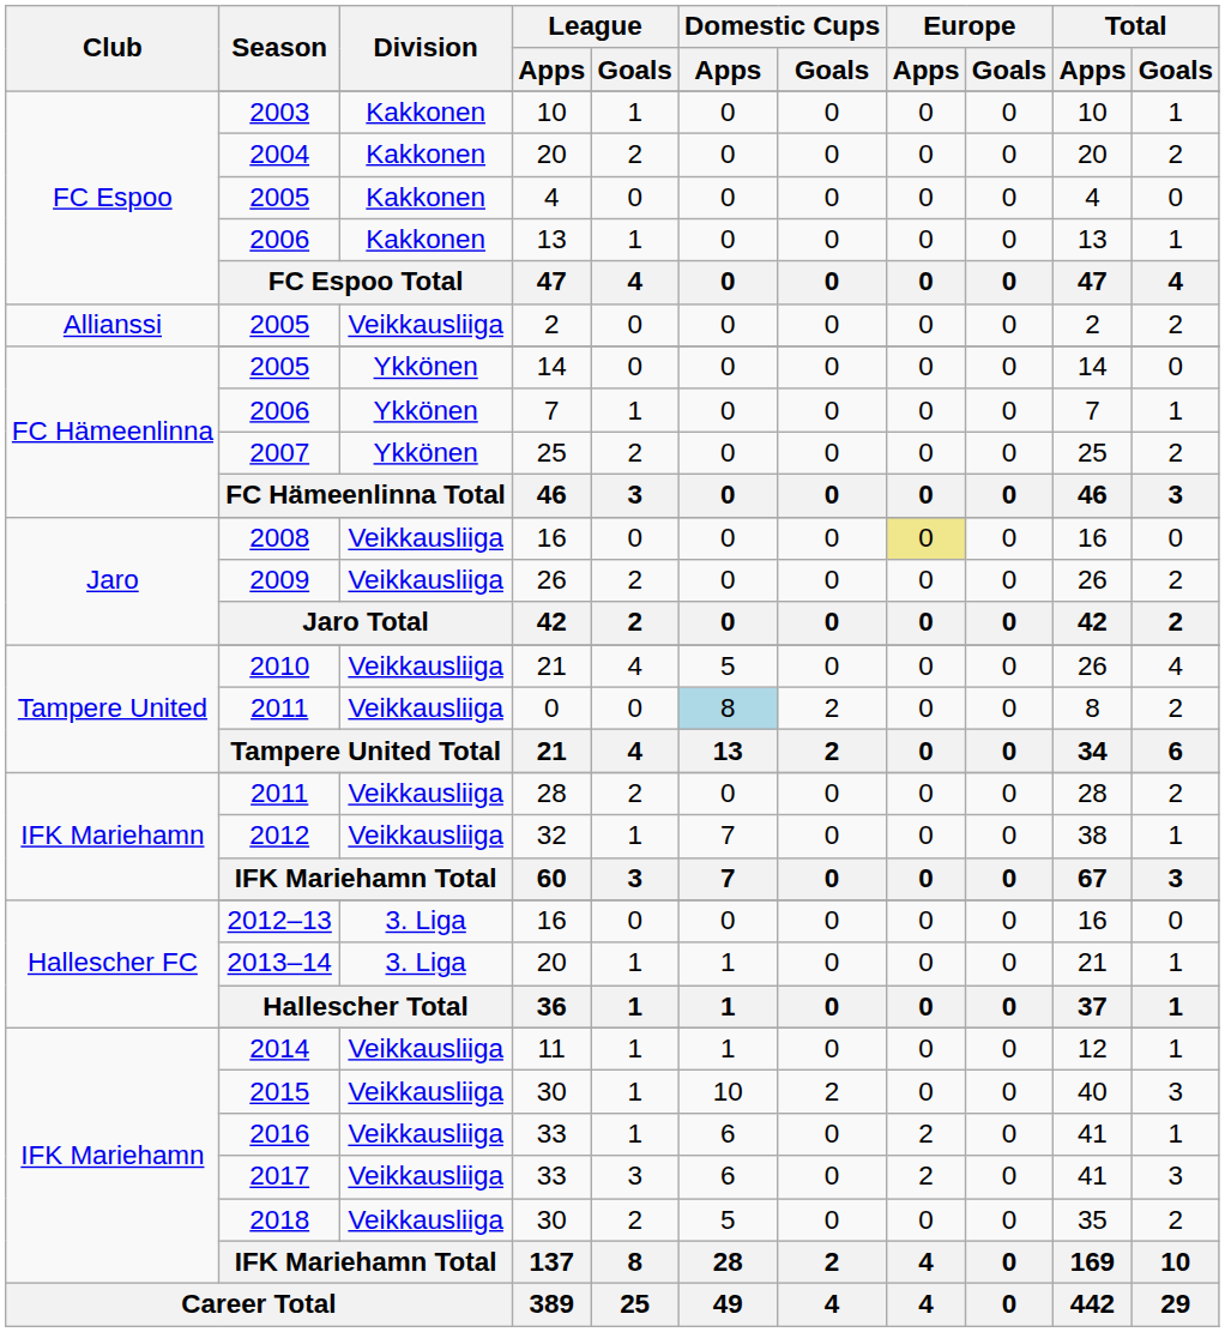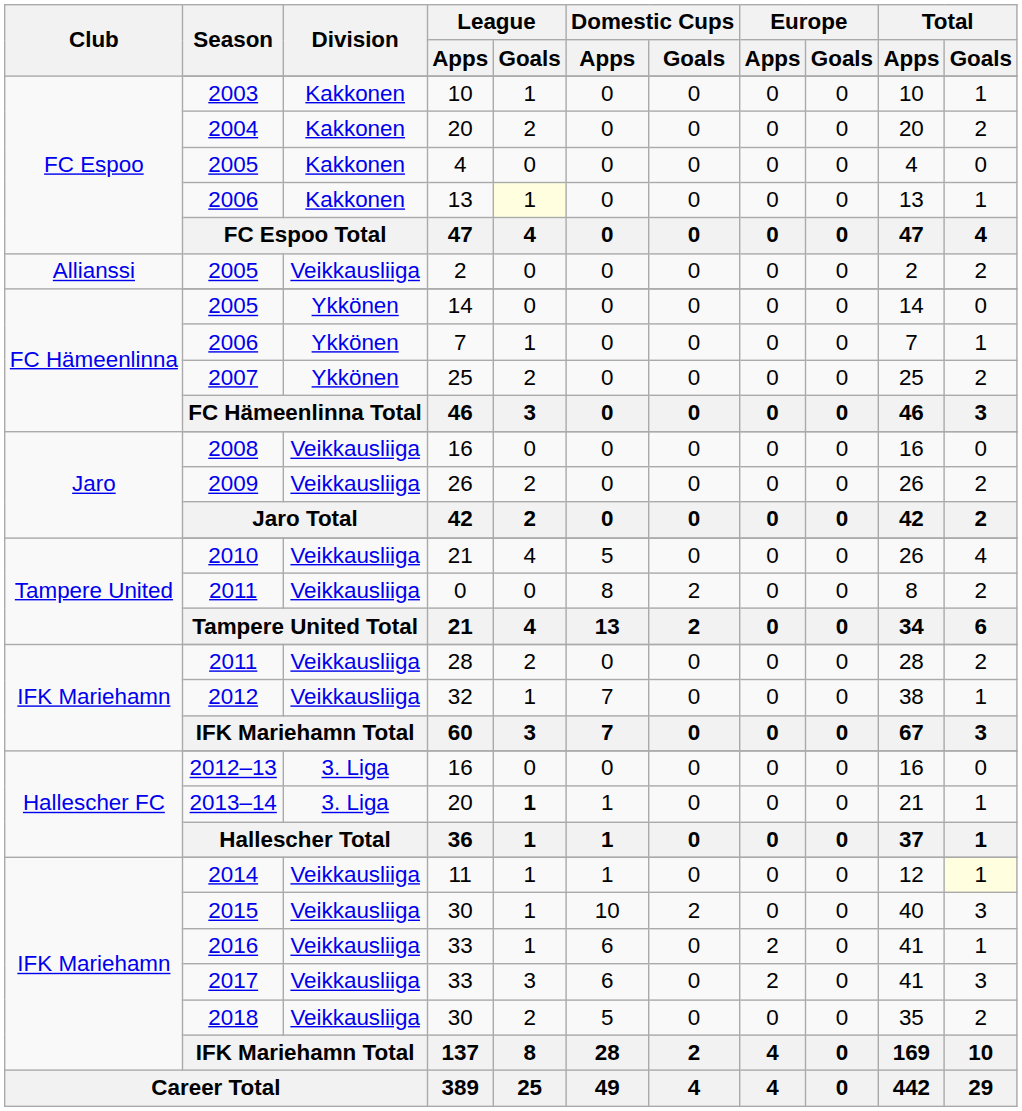 <table class="wikitable" style="text-align:center">
 <tr>
 <th rowspan="2">Club</th>
 <th rowspan="2">Season</th>
 <th rowspan="2">Division</th>
 <th colspan="2">League</th>
 <th colspan="2">Domestic Cups</th>
 <th colspan="2">Europe</th>
 <th colspan="2">Total</th>
 </tr>
 <tr>
 <th>Apps</th>
 <th>Goals</th>
 <th>Apps</th>
 <th>Goals</th>
 <th>Apps</th>
 <th>Goals</th>
 <th>Apps</th>
 <th>Goals</th>
 </tr>
 <tr>
 <td rowspan="6" valign="center"><a href='#'>FC Espoo</a></td>
 </tr>
 <tr>
 <td><a href='#'>2003</a></td>
 <td><a href='#'>Kakkonen</a></td>
 <td>10</td>
 <td>1</td>
 <td>0</td>
 <td>0</td>
 <td>0</td>
 <td>0</td>
 <td>10</td>
 <td>1</td>
 </tr>
 <tr>
 <td><a href='#'>2004</a></td>
 <td><a href='#'>Kakkonen</a></td>
 <td>20</td>
 <td>2</td>
 <td>0</td>
 <td>0</td>
 <td>0</td>
 <td>0</td>
 <td>20</td>
 <td>2</td>
 </tr>
 <tr>
 <td><a href='#'>2005</a></td>
 <td><a href='#'>Kakkonen</a></td>
 <td>4</td>
 <td>0</td>
 <td>0</td>
 <td>0</td>
 <td>0</td>
 <td>0</td>
 <td>4</td>
 <td>0</td>
 </tr>
 <tr>
 <td><a href='#'>2006</a></td>
 <td><a href='#'>Kakkonen</a></td>
 <td>13</td>
-<td>1</td>
+<td style="background: lightyellow;">1</td>
 <td>0</td>
 <td>0</td>
 <td>0</td>
 <td>0</td>
 <td>13</td>
 <td>1</td>
 </tr>
 <tr>
 <th colspan="2"><strong>FC Espoo Total</strong></th>
 <th>47</th>
 <th>4</th>
 <th>0</th>
 <th>0</th>
 <th>0</th>
 <th>0</th>
 <th>47</th>
 <th>4</th>
 </tr>
 <tr>
 <td valign="center"><a href='#'>Allianssi</a></td>
 <td><a href='#'>2005</a></td>
 <td><a href='#'>Veikkausliiga</a></td>
 <td>2</td>
 <td>0</td>
 <td>0</td>
 <td>0</td>
 <td>0</td>
 <td>0</td>
 <td>2</td>
 <td>2</td>
 </tr>
 <tr>
 <td rowspan="5" valign="center"><a href='#'>FC Hämeenlinna</a></td>
 </tr>
 <tr>
 <td><a href='#'>2005</a></td>
 <td><a href='#'>Ykkönen</a></td>
 <td>14</td>
 <td>0</td>
 <td>0</td>
 <td>0</td>
 <td>0</td>
 <td>0</td>
 <td>14</td>
 <td>0</td>
 </tr>
 <tr>
 <td><a href='#'>2006</a></td>
 <td><a href='#'>Ykkönen</a></td>
 <td>7</td>
 <td>1</td>
 <td>0</td>
 <td>0</td>
 <td>0</td>
 <td>0</td>
 <td>7</td>
 <td>1</td>
 </tr>
 <tr>
 <td><a href='#'>2007</a></td>
 <td><a href='#'>Ykkönen</a></td>
 <td>25</td>
 <td>2</td>
 <td>0</td>
 <td>0</td>
 <td>0</td>
 <td>0</td>
 <td>25</td>
 <td>2</td>
 </tr>
 <tr>
 <th colspan="2"><strong>FC Hämeenlinna Total</strong></th>
 <th>46</th>
 <th>3</th>
 <th>0</th>
 <th>0</th>
 <th>0</th>
 <th>0</th>
 <th>46</th>
 <th>3</th>
 </tr>
 <tr>
 <td rowspan="4" valign="center"><a href='#'>Jaro</a></td>
 </tr>
 <tr>
 <td><a href='#'>2008</a></td>
 <td><a href='#'>Veikkausliiga</a></td>
 <td>16</td>
 <td>0</td>
 <td>0</td>
 <td>0</td>
-<td style="background: khaki;">0</td>
+<td>0</td>
 <td>0</td>
 <td>16</td>
 <td>0</td>
 </tr>
 <tr>
 <td><a href='#'>2009</a></td>
 <td><a href='#'>Veikkausliiga</a></td>
 <td>26</td>
 <td>2</td>
 <td>0</td>
 <td>0</td>
 <td>0</td>
 <td>0</td>
 <td>26</td>
 <td>2</td>
 </tr>
 <tr>
 <th colspan="2"><strong>Jaro Total</strong></th>
 <th>42</th>
 <th>2</th>
 <th>0</th>
 <th>0</th>
 <th>0</th>
 <th>0</th>
 <th>42</th>
 <th>2</th>
 </tr>
 <tr>
 <td rowspan="4" valign="center"><a href='#'>Tampere United</a></td>
 </tr>
 <tr>
 <td><a href='#'>2010</a></td>
 <td><a href='#'>Veikkausliiga</a></td>
 <td>21</td>
 <td>4</td>
 <td>5</td>
 <td>0</td>
 <td>0</td>
 <td>0</td>
 <td>26</td>
 <td>4</td>
 </tr>
 <tr>
 <td><a href='#'>2011</a></td>
 <td><a href='#'>Veikkausliiga</a></td>
 <td>0</td>
 <td>0</td>
-<td style="background: lightblue;">8</td>
+<td>8</td>
 <td>2</td>
 <td>0</td>
 <td>0</td>
 <td>8</td>
 <td>2</td>
 </tr>
 <tr>
 <th colspan="2"><strong>Tampere United Total</strong></th>
 <th>21</th>
 <th>4</th>
 <th>13</th>
 <th>2</th>
 <th>0</th>
 <th>0</th>
 <th>34</th>
 <th>6</th>
 </tr>
 <tr>
 <td rowspan="4" valign="center"><a href='#'>IFK Mariehamn</a></td>
 </tr>
 <tr>
 <td><a href='#'>2011</a></td>
 <td><a href='#'>Veikkausliiga</a></td>
 <td>28</td>
 <td>2</td>
 <td>0</td>
 <td>0</td>
 <td>0</td>
 <td>0</td>
 <td>28</td>
 <td>2</td>
 </tr>
 <tr>
 <td><a href='#'>2012</a></td>
 <td><a href='#'>Veikkausliiga</a></td>
 <td>32</td>
 <td>1</td>
 <td>7</td>
 <td>0</td>
 <td>0</td>
 <td>0</td>
 <td>38</td>
 <td>1</td>
 </tr>
 <tr>
 <th colspan="2"><strong>IFK Mariehamn Total</strong></th>
 <th>60</th>
 <th>3</th>
 <th>7</th>
 <th>0</th>
 <th>0</th>
 <th>0</th>
 <th>67</th>
 <th>3</th>
 </tr>
 <tr>
 <td rowspan="4" valign="center"><a href='#'>Hallescher FC</a></td>
 </tr>
 <tr>
 <td><a href='#'>2012–13</a></td>
 <td><a href='#'>3. Liga</a></td>
 <td>16</td>
 <td>0</td>
 <td>0</td>
 <td>0</td>
 <td>0</td>
 <td>0</td>
 <td>16</td>
 <td>0</td>
 </tr>
 <tr>
 <td><a href='#'>2013–14</a></td>
 <td><a href='#'>3. Liga</a></td>
 <td>20</td>
-<td>1</td>
+<td><strong>1</strong></td>
 <td>1</td>
 <td>0</td>
 <td>0</td>
 <td>0</td>
 <td>21</td>
 <td>1</td>
 </tr>
 <tr>
 <th colspan="2"><strong>Hallescher Total</strong></th>
 <th>36</th>
 <th>1</th>
 <th>1</th>
 <th>0</th>
 <th>0</th>
 <th>0</th>
 <th>37</th>
 <th>1</th>
 </tr>
 <tr>
 <td rowspan="7" valign="center"><a href='#'>IFK Mariehamn</a></td>
 </tr>
 <tr>
 <td><a href='#'>2014</a></td>
 <td><a href='#'>Veikkausliiga</a></td>
 <td>11</td>
 <td>1</td>
 <td>1</td>
 <td>0</td>
 <td>0</td>
 <td>0</td>
 <td>12</td>
-<td>1</td>
+<td style="background: lightyellow;">1</td>
 </tr>
 <tr>
 <td><a href='#'>2015</a></td>
 <td><a href='#'>Veikkausliiga</a></td>
 <td>30</td>
 <td>1</td>
 <td>10</td>
 <td>2</td>
 <td>0</td>
 <td>0</td>
 <td>40</td>
 <td>3</td>
 </tr>
 <tr>
 <td><a href='#'>2016</a></td>
 <td><a href='#'>Veikkausliiga</a></td>
 <td>33</td>
 <td>1</td>
 <td>6</td>
 <td>0</td>
 <td>2</td>
 <td>0</td>
 <td>41</td>
 <td>1</td>
 </tr>
 <tr>
 <td><a href='#'>2017</a></td>
 <td><a href='#'>Veikkausliiga</a></td>
 <td>33</td>
 <td>3</td>
 <td>6</td>
 <td>0</td>
 <td>2</td>
 <td>0</td>
 <td>41</td>
 <td>3</td>
 </tr>
 <tr>
 <td><a href='#'>2018</a></td>
 <td><a href='#'>Veikkausliiga</a></td>
 <td>30</td>
 <td>2</td>
 <td>5</td>
 <td>0</td>
 <td>0</td>
 <td>0</td>
 <td>35</td>
 <td>2</td>
 </tr>
 <tr>
 <th colspan="2"><strong>IFK Mariehamn Total</strong></th>
 <th>137</th>
 <th>8</th>
 <th>28</th>
 <th>2</th>
 <th>4</th>
 <th>0</th>
 <th>169</th>
 <th>10</th>
 </tr>
 <tr>
 <th colspan="3"><strong>Career Total</strong></th>
 <th>389</th>
 <th>25</th>
 <th>49</th>
 <th>4</th>
 <th>4</th>
 <th>0</th>
 <th>442</th>
 <th>29</th>
 </tr>
 <tr>
 </tr>
 </table>
